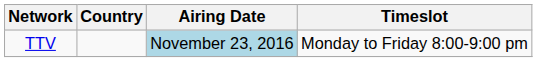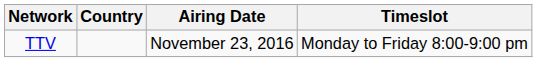 <table class="wikitable"  style="text-align:center">
 <tr>
 <th>Network</th>
 <th>Country</th>
 <th>Airing Date</th>
 <th>Timeslot</th>
 </tr>
 <tr>
 <td><a href='#'>TTV</a></td>
 <td></td>
-<td style="background: lightblue;">November 23, 2016</td>
+<td>November 23, 2016</td>
 <td>Monday to Friday 8:00-9:00 pm</td>
 </tr>
 <tr>
 </tr>
 </table>
